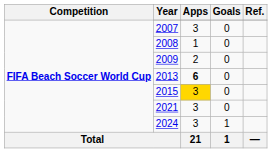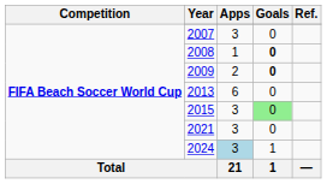 <table class="wikitable" style="text-align:center;">
 <tr>
 <th>Competition</th>
 <th>Year</th>
 <th>Apps</th>
 <th>Goals</th>
 <th>Ref.</th>
 </tr>
 <tr>
 <td rowspan="8"><strong><a href='#'>FIFA Beach Soccer World Cup</a></strong></td>
 </tr>
 <tr>
 <td> <a href='#'>2007</a></td>
 <td>3</td>
 <td>0</td>
 <td></td>
 </tr>
 <tr>
 <td> <a href='#'>2008</a></td>
 <td>1</td>
-<td>0</td>
+<td><strong>0</strong></td>
 <td></td>
 </tr>
 <tr>
 <td> <a href='#'>2009</a></td>
 <td>2</td>
-<td>0</td>
+<td><strong>0</strong></td>
 <td></td>
 </tr>
 <tr>
 <td> <a href='#'>2013</a></td>
-<td><strong>6</strong></td>
+<td>6</td>
 <td>0</td>
 <td></td>
 </tr>
 <tr>
 <td> <a href='#'>2015</a></td>
-<td style="background: gold;">3</td>
-<td>0</td>
+<td>3</td>
+<td style="background: lightgreen;">0</td>
 <td></td>
 </tr>
 <tr>
 <td> <a href='#'>2021</a></td>
 <td>3</td>
 <td>0</td>
 <td></td>
 </tr>
 <tr>
 <td> <a href='#'>2024</a></td>
-<td>3</td>
+<td style="background: lightblue;">3</td>
 <td>1</td>
 <td></td>
 </tr>
 <tr>
 <th colspan=2>Total</th>
 <th>21</th>
 <th>1</th>
 <th>—</th>
 </tr>
 </table>
